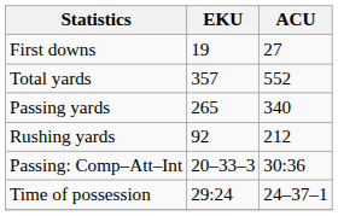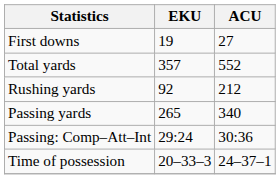 <table class="wikitable" style="float: left;">
 <tr>
 <th>Statistics</th>
 <th>EKU</th>
 <th>ACU</th>
 </tr>
 <tr>
 <td>First downs</td>
 <td>19</td>
 <td>27</td>
 </tr>
 <tr>
 <td>Total yards</td>
 <td>357</td>
 <td>552</td>
 </tr>
 <tr>
+<td>Rushing yards</td>
+<td>92</td>
+<td>212</td>
+</tr>
+<tr>
 <td>Passing yards</td>
 <td>265</td>
 <td>340</td>
 </tr>
 <tr>
-<td>Rushing yards</td>
-<td>92</td>
-<td>212</td>
-</tr>
-<tr>
 <td>Passing: Comp–Att–Int</td>
-<td>20–33–3</td>
+<td>29:24</td>
 <td>30:36</td>
 </tr>
 <tr>
 <td>Time of possession</td>
-<td>29:24</td>
+<td>20–33–3</td>
 <td>24–37–1</td>
 </tr>
 <tr>
 </tr>
 </table>
